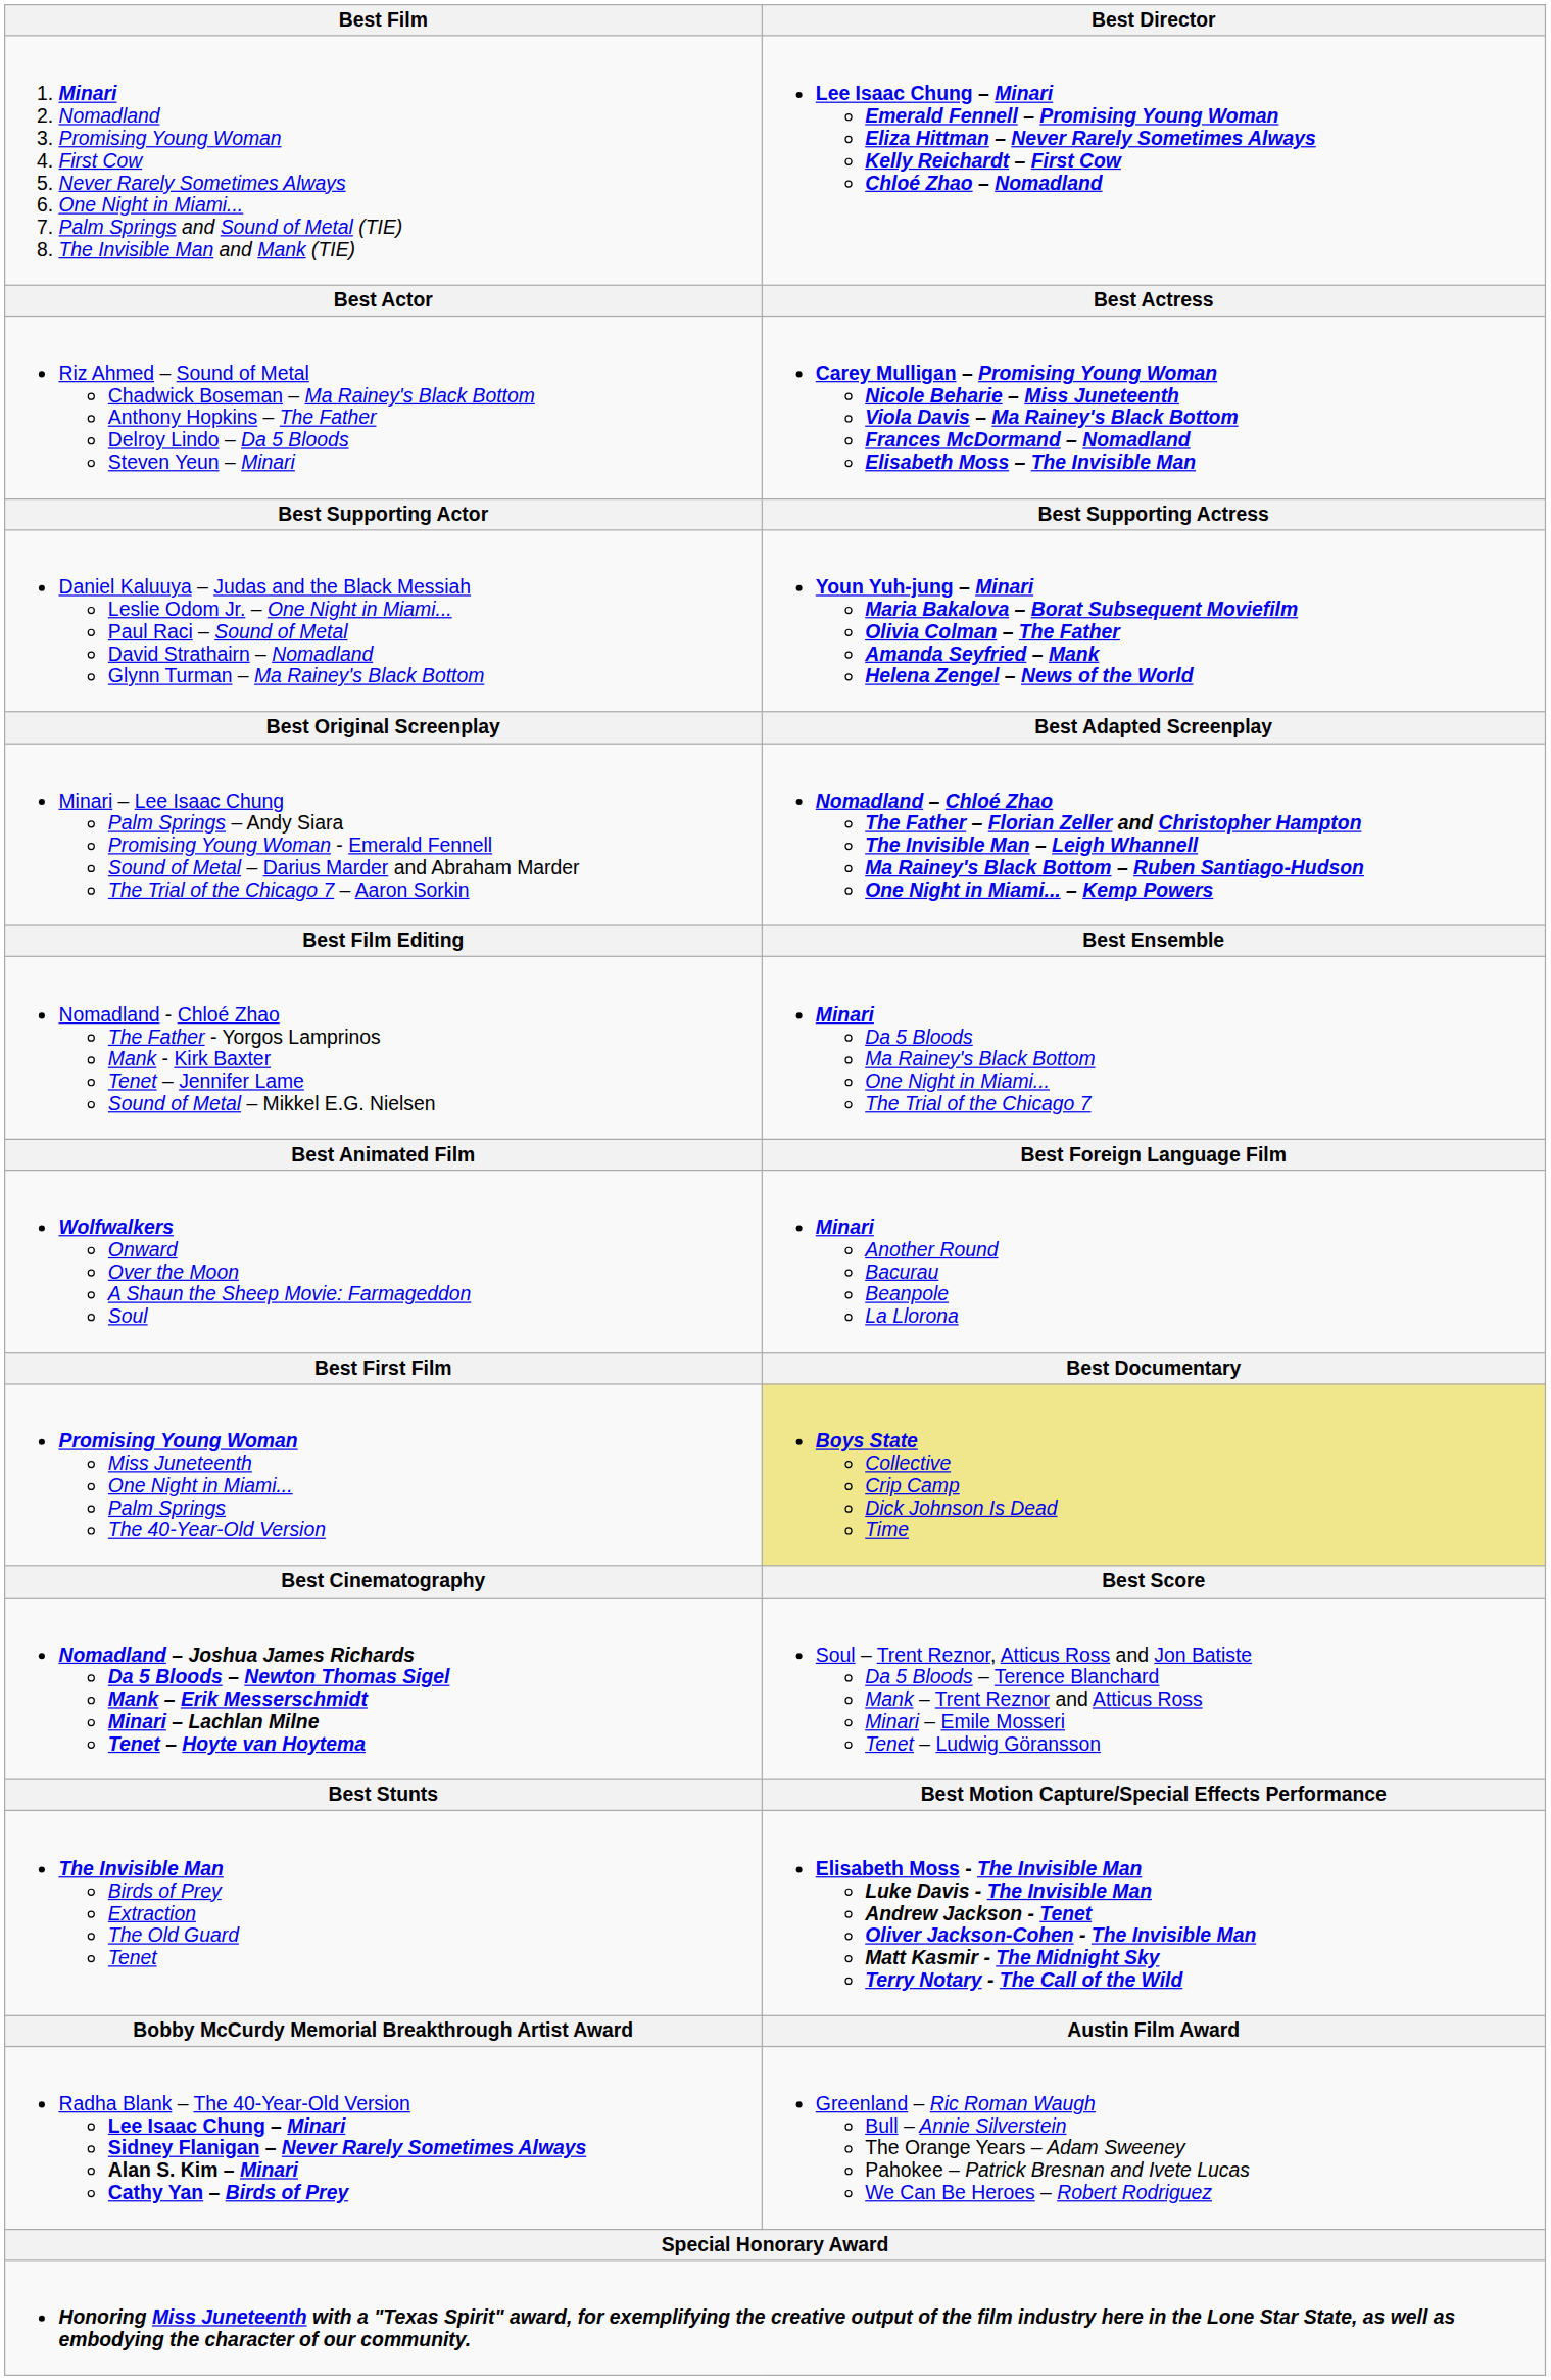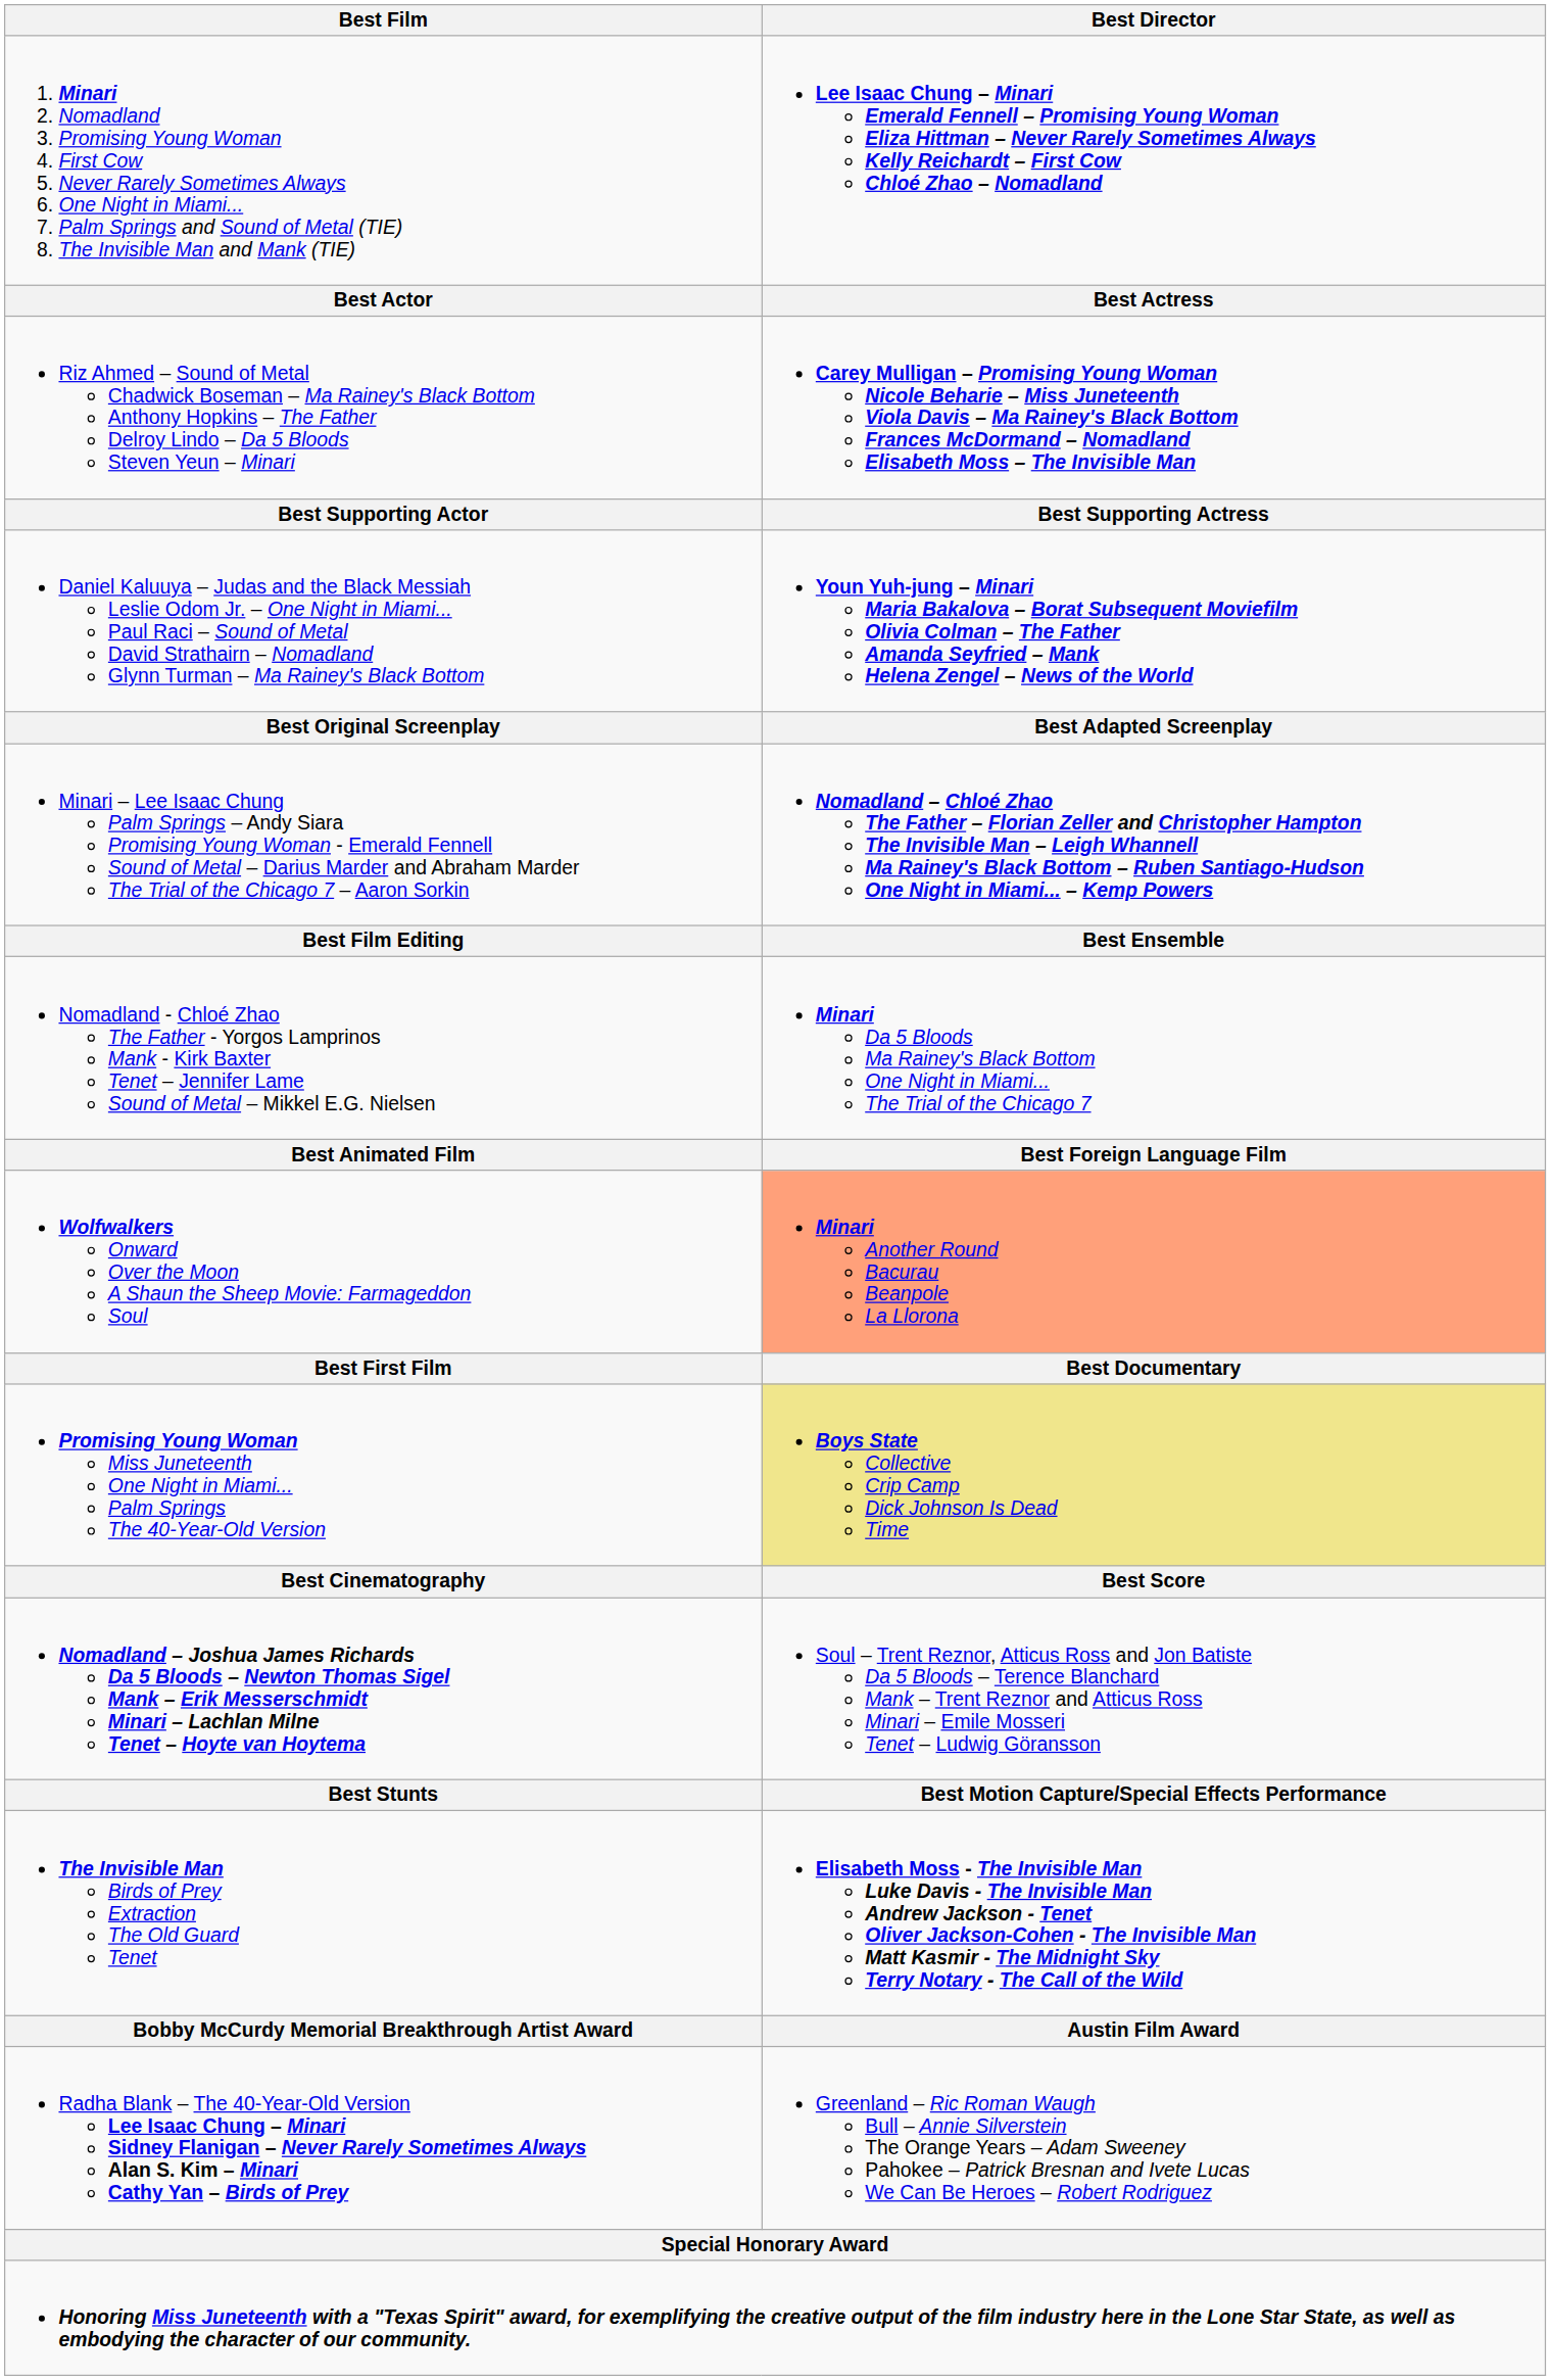 <table class=wikitable style="width=100%">
 <tr>
 <th style="width=50%">Best Film</th>
 <th style="width=50%">Best Director</th>
 </tr>
 <tr>
 <td valign="top"><br><ol><li><strong><em><a href='#'>Minari</a></em></strong></li><li><em><a href='#'>Nomadland</a></em></li><li><em><a href='#'>Promising Young Woman</a></em></li><li><em><a href='#'>First Cow</a></em></li><li><em><a href='#'>Never Rarely Sometimes Always</a></em></li><li><em><a href='#'>One Night in Miami...</a></em></li><li><em><a href='#'>Palm Springs</a> and <a href='#'>Sound of Metal</a> (TIE)</em></li><li><em><a href='#'>The Invisible Man</a> and <a href='#'>Mank</a> (TIE)</em></li></ol></td>
 <td valign="top"><br><ul><li><strong><a href='#'>Lee Isaac Chung</a> – <em><a href='#'>Minari</a><strong><em><ul><li><a href='#'>Emerald Fennell</a> – </em><a href='#'>Promising Young Woman</a><em></li><li><a href='#'>Eliza Hittman</a> – </em><a href='#'>Never Rarely Sometimes Always</a><em></li><li><a href='#'>Kelly Reichardt</a> – </em><a href='#'>First Cow</a><em></li><li><a href='#'>Chloé Zhao</a> – </em><a href='#'>Nomadland</a><em></li></ul></li></ul></td>
 </tr>
 <tr>
 <th style="width=50%">Best Actor</th>
 <th style="width=50%">Best Actress</th>
 </tr>
 <tr>
 <td valign="top"><br><ul><li></strong><a href='#'>Riz Ahmed</a> – </em><a href='#'>Sound of Metal</a></em></strong><ul><li><a href='#'>Chadwick Boseman</a> – <em><a href='#'>Ma Rainey's Black Bottom</a></em></li><li><a href='#'>Anthony Hopkins</a> – <em><a href='#'>The Father</a></em></li><li><a href='#'>Delroy Lindo</a> – <em><a href='#'>Da 5 Bloods</a></em></li><li><a href='#'>Steven Yeun</a> – <em><a href='#'>Minari</a></em></li></ul></li></ul></td>
 <td valign="top"><br><ul><li><strong><a href='#'>Carey Mulligan</a> – <em><a href='#'>Promising Young Woman</a><strong><em><ul><li><a href='#'>Nicole Beharie</a> – </em><a href='#'>Miss Juneteenth</a><em></li><li><a href='#'>Viola Davis</a> – </em><a href='#'>Ma Rainey's Black Bottom</a><em></li><li><a href='#'>Frances McDormand</a> – </em><a href='#'>Nomadland</a><em></li><li><a href='#'>Elisabeth Moss</a> – </em><a href='#'>The Invisible Man</a><em></li></ul></li></ul></td>
 </tr>
 <tr>
 <th style="width=50%">Best Supporting Actor</th>
 <th style="width=50%">Best Supporting Actress</th>
 </tr>
 <tr>
 <td valign="top"><br><ul><li></strong><a href='#'>Daniel Kaluuya</a> – </em><a href='#'>Judas and the Black Messiah</a></em></strong><ul><li><a href='#'>Leslie Odom Jr.</a> – <em><a href='#'>One Night in Miami...</a></em></li><li><a href='#'>Paul Raci</a> – <em><a href='#'>Sound of Metal</a></em></li><li><a href='#'>David Strathairn</a> – <em><a href='#'>Nomadland</a></em></li><li><a href='#'>Glynn Turman</a> – <em><a href='#'>Ma Rainey's Black Bottom</a></em></li></ul></li></ul></td>
 <td valign="top"><br><ul><li><strong><a href='#'>Youn Yuh-jung</a> – <em><a href='#'>Minari</a><strong><em><ul><li><a href='#'>Maria Bakalova</a> – </em><a href='#'>Borat Subsequent Moviefilm</a><em></li><li><a href='#'>Olivia Colman</a> – </em><a href='#'>The Father</a><em></li><li><a href='#'>Amanda Seyfried</a> – </em><a href='#'>Mank</a><em></li><li><a href='#'>Helena Zengel</a> – </em><a href='#'>News of the World</a><em></li></ul></li></ul></td>
 </tr>
 <tr>
 <th style="width=50%">Best Original Screenplay</th>
 <th style="width=50%">Best Adapted Screenplay</th>
 </tr>
 <tr>
 <td valign="top"><br><ul><li></em></strong><a href='#'>Minari</a></em> – <a href='#'>Lee Isaac Chung</a></strong><ul><li><em><a href='#'>Palm Springs</a></em> – Andy Siara</li><li><em><a href='#'>Promising Young Woman</a></em> - <a href='#'>Emerald Fennell</a></li><li><em><a href='#'>Sound of Metal</a></em> – <a href='#'>Darius Marder</a> and Abraham Marder</li><li><em><a href='#'>The Trial of the Chicago 7</a></em> – <a href='#'>Aaron Sorkin</a></li></ul></li></ul></td>
 <td valign="top"><br><ul><li><strong><em><a href='#'>Nomadland</a><em> – <a href='#'>Chloé Zhao</a><strong><ul><li></em><a href='#'>The Father</a><em> – <a href='#'>Florian Zeller</a> and <a href='#'>Christopher Hampton</a></li><li></em><a href='#'>The Invisible Man</a><em> – <a href='#'>Leigh Whannell</a></li><li></em><a href='#'>Ma Rainey's Black Bottom</a><em> – <a href='#'>Ruben Santiago-Hudson</a></li><li></em><a href='#'>One Night in Miami...</a><em> – <a href='#'>Kemp Powers</a></li></ul></li></ul></td>
 </tr>
 <tr>
 <th style="width=50%">Best Film Editing</th>
 <th style="width=50%">Best Ensemble</th>
 </tr>
 <tr>
 <td valign="top"><br><ul><li></em></strong><a href='#'>Nomadland</a></em> - <a href='#'>Chloé Zhao</a></strong><ul><li><em><a href='#'>The Father</a></em> - Yorgos Lamprinos</li><li><em><a href='#'>Mank</a></em> - <a href='#'>Kirk Baxter</a></li><li><em><a href='#'>Tenet</a></em> – <a href='#'>Jennifer Lame</a></li><li><em><a href='#'>Sound of Metal</a></em> – Mikkel E.G. Nielsen</li></ul></li></ul></td>
 <td valign="top"><br><ul><li><strong><em><a href='#'>Minari</a></em></strong><ul><li><em><a href='#'>Da 5 Bloods</a></em></li><li><em><a href='#'>Ma Rainey's Black Bottom</a></em></li><li><em><a href='#'>One Night in Miami...</a></em></li><li><em><a href='#'>The Trial of the Chicago 7</a></em></li></ul></li></ul></td>
 </tr>
 <tr>
 <th style="width=50%">Best Animated Film</th>
 <th style="width=50%">Best Foreign Language Film</th>
 </tr>
 <tr>
 <td valign="top"><br><ul><li><strong><em><a href='#'>Wolfwalkers</a></em></strong><ul><li><em><a href='#'>Onward</a></em></li><li><em><a href='#'>Over the Moon</a></em></li><li><em><a href='#'>A Shaun the Sheep Movie: Farmageddon</a></em></li><li><em><a href='#'>Soul</a></em></li></ul></li></ul></td>
-<td valign="top"><br><ul><li><strong><em><a href='#'>Minari</a></em></strong><ul><li><em><a href='#'>Another Round</a></em></li><li><em><a href='#'>Bacurau</a></em></li><li><em><a href='#'>Beanpole</a></em></li><li><em><a href='#'>La Llorona</a></em></li></ul></li></ul></td>
+<td valign="top" style="background: lightsalmon;"><br><ul><li><strong><em><a href='#'>Minari</a></em></strong><ul><li><em><a href='#'>Another Round</a></em></li><li><em><a href='#'>Bacurau</a></em></li><li><em><a href='#'>Beanpole</a></em></li><li><em><a href='#'>La Llorona</a></em></li></ul></li></ul></td>
 </tr>
 <tr>
 <th style="width=50%">Best First Film</th>
 <th style="width=50%">Best Documentary</th>
 </tr>
 <tr>
 <td valign="top"><br><ul><li><strong><em><a href='#'>Promising Young Woman</a></em></strong><ul><li><em><a href='#'>Miss Juneteenth</a></em></li><li><em><a href='#'>One Night in Miami...</a></em></li><li><em><a href='#'>Palm Springs</a></em></li><li><em><a href='#'>The 40-Year-Old Version</a></em></li></ul></li></ul></td>
 <td valign="top" style="background: khaki;"><br><ul><li><strong><em><a href='#'>Boys State</a></em></strong><ul><li><em><a href='#'>Collective</a></em></li><li><em><a href='#'>Crip Camp</a></em></li><li><em><a href='#'>Dick Johnson Is Dead</a></em></li><li><em><a href='#'>Time</a></em></li></ul></li></ul></td>
 </tr>
 <tr>
 <th style="width=50%">Best Cinematography</th>
 <th style="width=50%">Best Score</th>
 </tr>
 <tr>
 <td valign="top"><br><ul><li><strong><em><a href='#'>Nomadland</a><em> – Joshua James Richards<strong><ul><li></em><a href='#'>Da 5 Bloods</a><em> – <a href='#'>Newton Thomas Sigel</a></li><li></em><a href='#'>Mank</a><em> – <a href='#'>Erik Messerschmidt</a></li><li></em><a href='#'>Minari</a><em> – Lachlan Milne</li><li></em><a href='#'>Tenet</a><em> – <a href='#'>Hoyte van Hoytema</a></li></ul></li></ul></td>
 <td valign="top"><br><ul><li></em></strong><a href='#'>Soul</a></em> – <a href='#'>Trent Reznor</a>, <a href='#'>Atticus Ross</a> and <a href='#'>Jon Batiste</a></strong><ul><li><em><a href='#'>Da 5 Bloods</a></em> – <a href='#'>Terence Blanchard</a></li><li><em><a href='#'>Mank</a></em> – <a href='#'>Trent Reznor</a> and <a href='#'>Atticus Ross</a></li><li><em><a href='#'>Minari</a></em> – <a href='#'>Emile Mosseri</a></li><li><em><a href='#'>Tenet</a></em> – <a href='#'>Ludwig Göransson</a></li></ul></li></ul></td>
 </tr>
 <tr>
 <th style="width=50%">Best Stunts</th>
 <th style="width=50%">Best Motion Capture/Special Effects Performance</th>
 </tr>
 <tr>
 <td valign="top"><br><ul><li><strong><em><a href='#'>The Invisible Man</a></em></strong><ul><li><em><a href='#'>Birds of Prey</a></em></li><li><em><a href='#'>Extraction</a></em></li><li><em><a href='#'>The Old Guard</a></em></li><li><em><a href='#'>Tenet</a></em></li></ul></li></ul></td>
 <td valign="top"><br><ul><li><strong><a href='#'>Elisabeth Moss</a> - <em><a href='#'>The Invisible Man</a><strong><em><ul><li>Luke Davis - </em><a href='#'>The Invisible Man</a><em></li><li>Andrew Jackson - </em><a href='#'>Tenet</a><em></li><li><a href='#'>Oliver Jackson-Cohen</a> - </em><a href='#'>The Invisible Man</a><em></li><li>Matt Kasmir - </em><a href='#'>The Midnight Sky</a><em></li><li><a href='#'>Terry Notary</a> - </em><a href='#'>The Call of the Wild</a><em></li></ul></li></ul></td>
 </tr>
 <tr>
 <th style="width=50%">Bobby McCurdy Memorial Breakthrough Artist Award</th>
 <th style="width=50%">Austin Film Award</th>
 </tr>
 <tr>
 <td valign="top"><br><ul><li></strong><a href='#'>Radha Blank</a> – </em><a href='#'>The 40-Year-Old Version</a><strong><ul><li><a href='#'>Lee Isaac Chung</a> – <em><a href='#'>Minari</a></em></li><li><a href='#'>Sidney Flanigan</a> – <em><a href='#'>Never Rarely Sometimes Always</a></em></li><li>Alan S. Kim – <em><a href='#'>Minari</a></em></li><li><a href='#'>Cathy Yan</a> – <em><a href='#'>Birds of Prey</a></em></li></ul></li></ul></td>
 <td valign="top"><br><ul><li></em></strong><a href='#'>Greenland</a><em> – <a href='#'>Ric Roman Waugh</a></strong><ul><li></em><a href='#'>Bull</a><em> – <a href='#'>Annie Silverstein</a></li><li></em>The Orange Years<em> – Adam Sweeney</li><li></em>Pahokee<em> – Patrick Bresnan and Ivete Lucas</li><li></em><a href='#'>We Can Be Heroes</a><em> – <a href='#'>Robert Rodriguez</a></li></ul></li></ul></td>
 </tr>
 <tr>
 <th colspan="2">Special Honorary Award</th>
 </tr>
 <tr>
 <td colspan=2 valign="top" width="50%"><br><ul><li><strong><em>Honoring <a href='#'>Miss Juneteenth</a> with a "Texas Spirit" award, for exemplifying the creative output of the film industry here in the Lone Star State, as well as embodying the character of our community.</em></strong></li></ul></td>
 </tr>
 </table>
